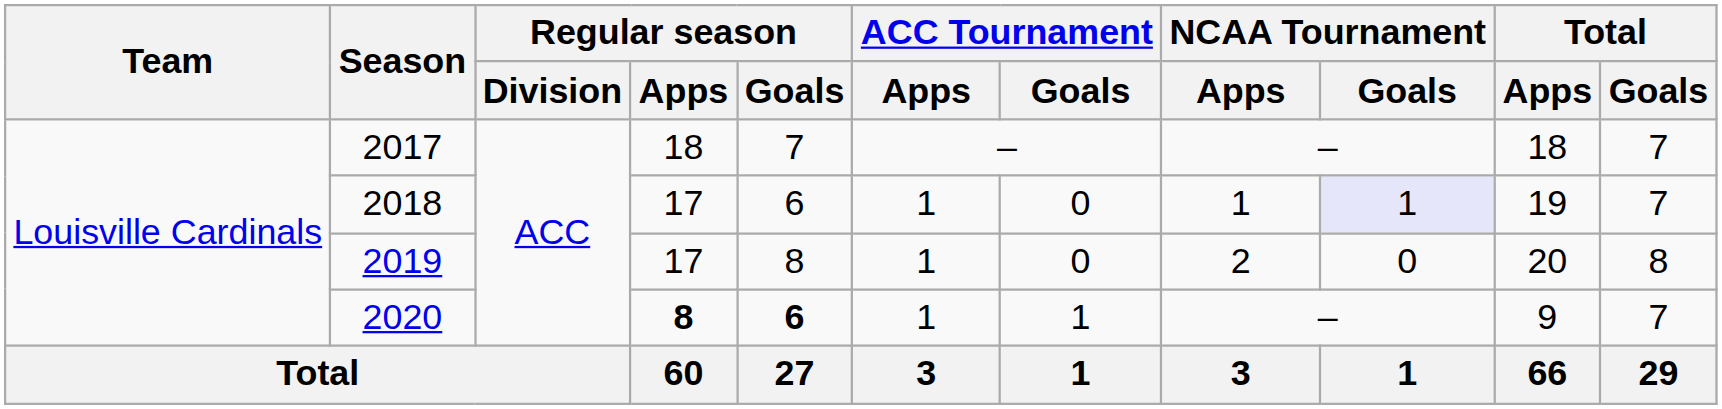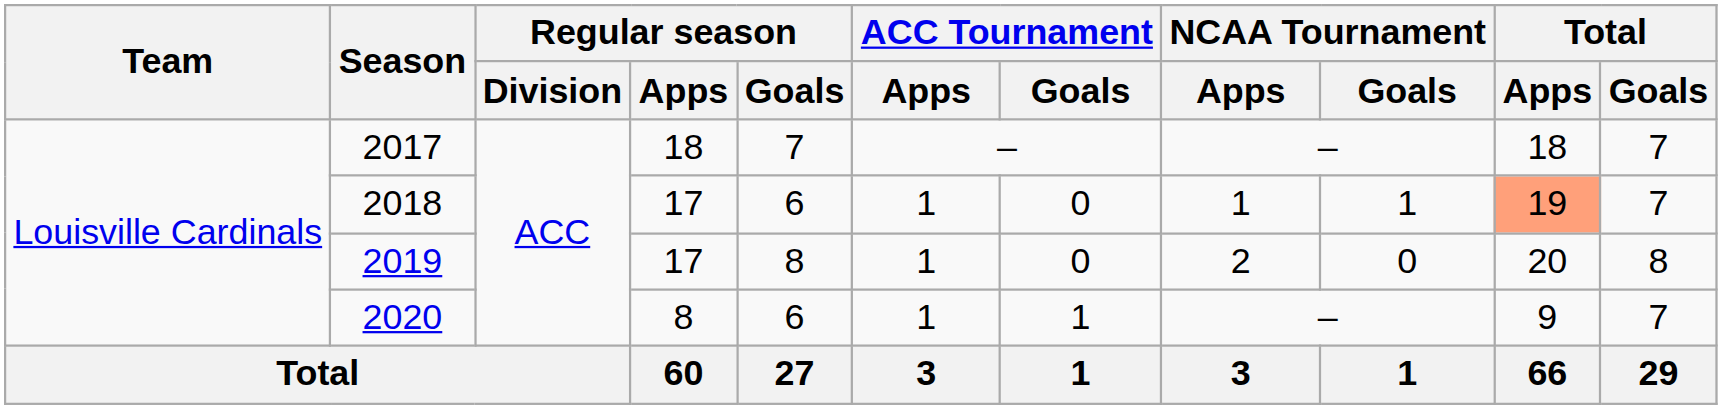 <table class="wikitable" style="text-align: center;">
 <tr>
 <th rowspan="2">Team</th>
 <th rowspan="2">Season</th>
 <th colspan="3">Regular season</th>
 <th colspan="2"><a href='#'>ACC Tournament</a></th>
 <th colspan="2">NCAA Tournament</th>
 <th colspan="2">Total</th>
 </tr>
 <tr>
 <th>Division</th>
 <th>Apps</th>
 <th>Goals</th>
 <th>Apps</th>
 <th>Goals</th>
 <th>Apps</th>
 <th>Goals</th>
 <th>Apps</th>
 <th>Goals</th>
 </tr>
 <tr>
 <td rowspan="4"><a href='#'>Louisville Cardinals</a></td>
 <td>2017</td>
 <td rowspan="4"><a href='#'>ACC</a></td>
 <td>18</td>
 <td>7</td>
 <td colspan="2">–</td>
 <td colspan="2">–</td>
 <td>18</td>
 <td>7</td>
 </tr>
 <tr>
 <td>2018</td>
 <td>17</td>
 <td>6</td>
 <td>1</td>
 <td>0</td>
 <td>1</td>
-<td style="background: lavender;">1</td>
-<td>19</td>
+<td>1</td>
+<td style="background: lightsalmon;">19</td>
 <td>7</td>
 </tr>
 <tr>
 <td><a href='#'>2019</a></td>
 <td>17</td>
 <td>8</td>
 <td>1</td>
 <td>0</td>
 <td>2</td>
 <td>0</td>
 <td>20</td>
 <td>8</td>
 </tr>
 <tr>
 <td><a href='#'>2020</a></td>
-<td><strong>8</strong></td>
-<td><strong>6</strong></td>
+<td>8</td>
+<td>6</td>
 <td>1</td>
 <td>1</td>
 <td colspan="2">–</td>
 <td>9</td>
 <td>7</td>
 </tr>
 <tr>
 <th colspan="3">Total</th>
 <th>60</th>
 <th>27</th>
 <th>3</th>
 <th>1</th>
 <th>3</th>
 <th>1</th>
 <th>66</th>
 <th>29</th>
 </tr>
 </table>
